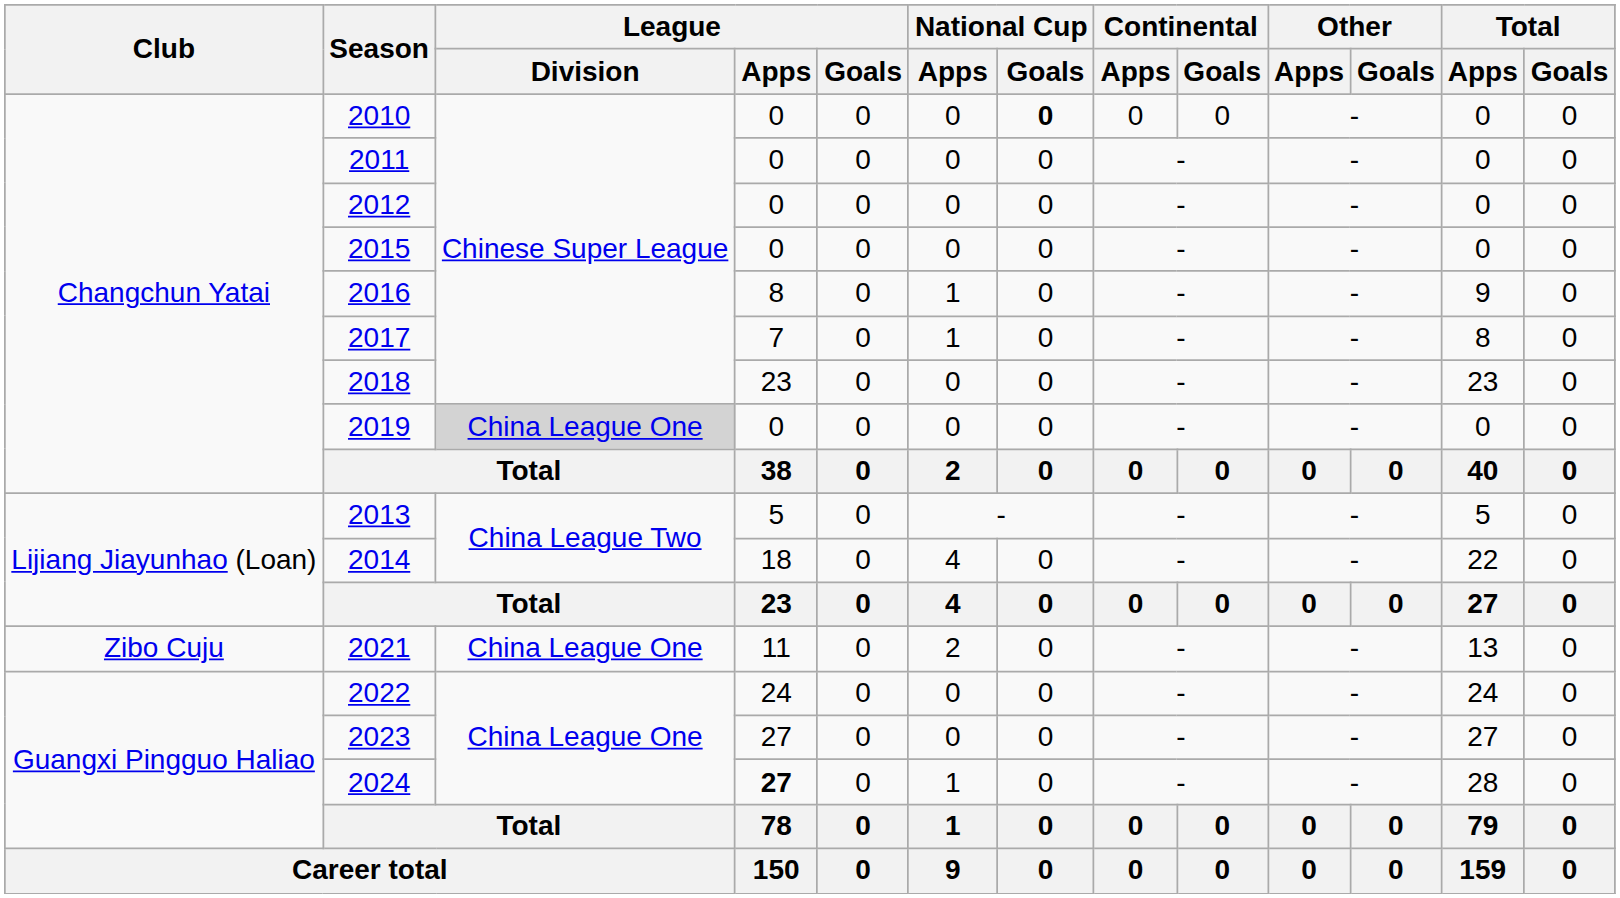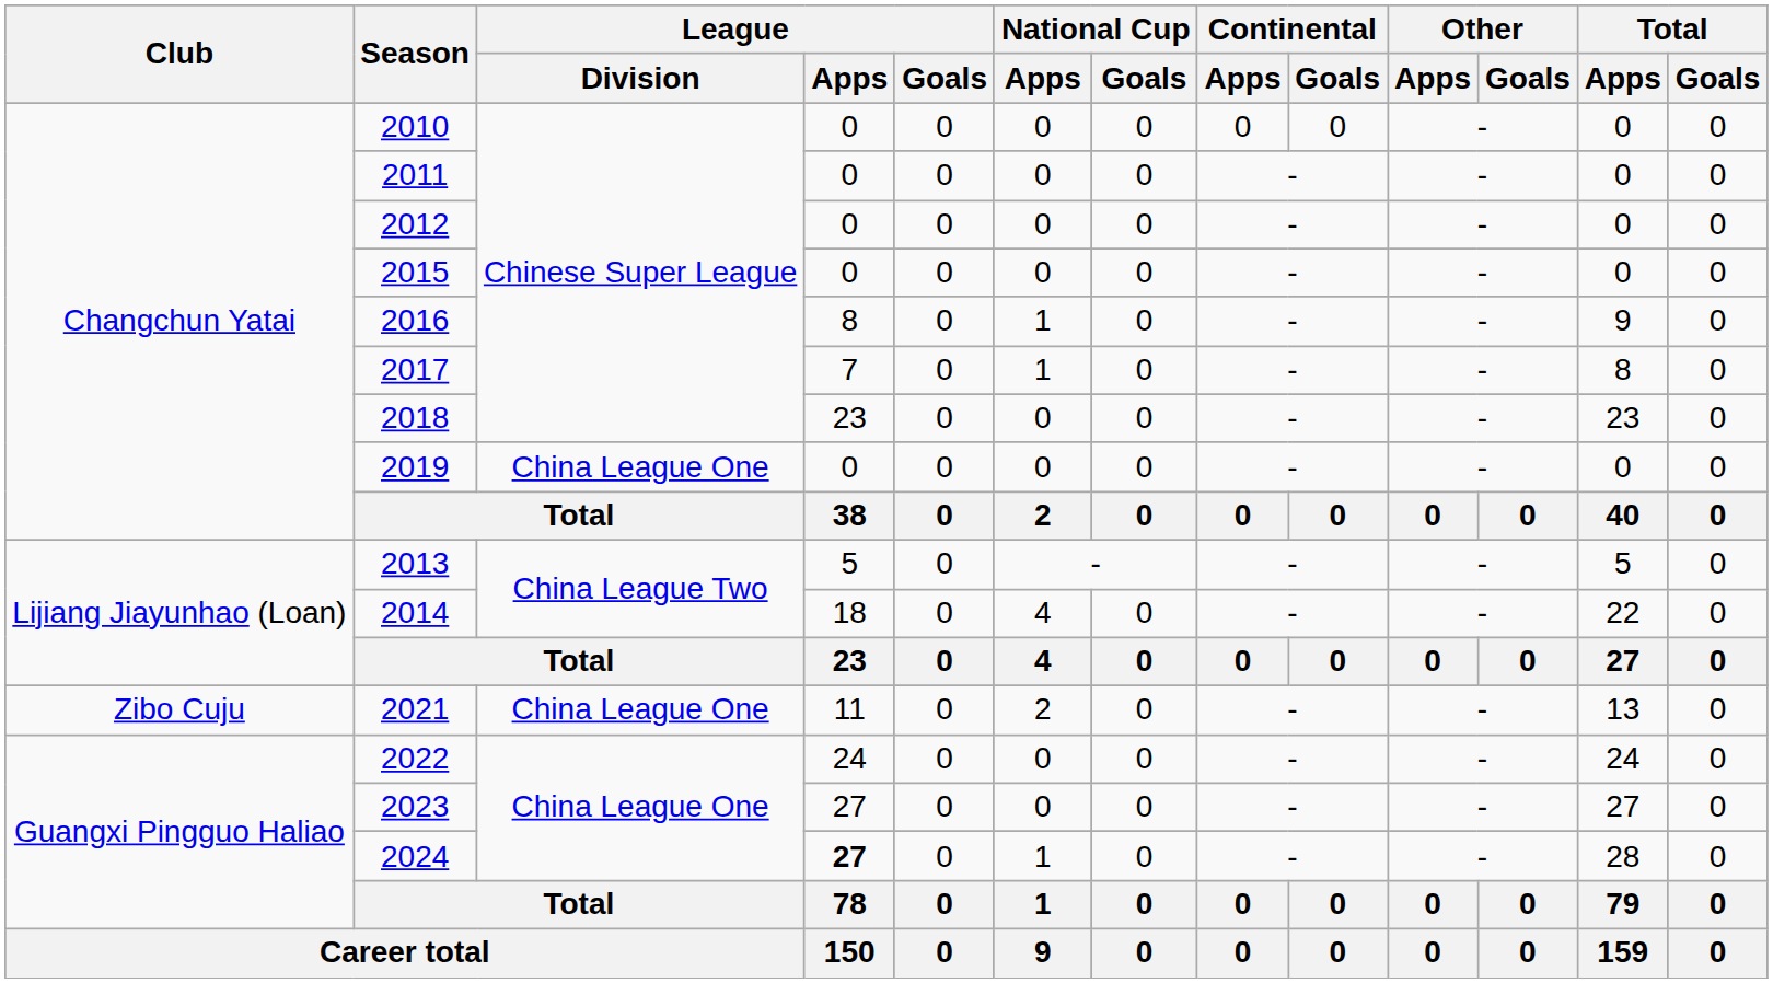 <table class="wikitable" style="text-align: center">
 <tr>
 <th rowspan="2">Club</th>
 <th rowspan="2">Season</th>
 <th colspan="3">League</th>
 <th colspan="2">National Cup</th>
 <th colspan="2">Continental</th>
 <th colspan="2">Other</th>
 <th colspan="2">Total</th>
 </tr>
 <tr>
 <th>Division</th>
 <th>Apps</th>
 <th>Goals</th>
 <th>Apps</th>
 <th>Goals</th>
 <th>Apps</th>
 <th>Goals</th>
 <th>Apps</th>
 <th>Goals</th>
 <th>Apps</th>
 <th>Goals</th>
 </tr>
 <tr>
 <td rowspan=9><a href='#'>Changchun Yatai</a></td>
 <td><a href='#'>2010</a></td>
 <td rowspan=7><a href='#'>Chinese Super League</a></td>
 <td>0</td>
 <td>0</td>
 <td>0</td>
-<td><strong>0</strong></td>
+<td>0</td>
 <td>0</td>
 <td>0</td>
 <td colspan="2">-</td>
 <td>0</td>
 <td>0</td>
 </tr>
 <tr>
 <td><a href='#'>2011</a></td>
 <td>0</td>
 <td>0</td>
 <td>0</td>
 <td>0</td>
 <td colspan="2">-</td>
 <td colspan="2">-</td>
 <td>0</td>
 <td>0</td>
 </tr>
 <tr>
 <td><a href='#'>2012</a></td>
 <td>0</td>
 <td>0</td>
 <td>0</td>
 <td>0</td>
 <td colspan="2">-</td>
 <td colspan="2">-</td>
 <td>0</td>
 <td>0</td>
 </tr>
 <tr>
 <td><a href='#'>2015</a></td>
 <td>0</td>
 <td>0</td>
 <td>0</td>
 <td>0</td>
 <td colspan="2">-</td>
 <td colspan="2">-</td>
 <td>0</td>
 <td>0</td>
 </tr>
 <tr>
 <td><a href='#'>2016</a></td>
 <td>8</td>
 <td>0</td>
 <td>1</td>
 <td>0</td>
 <td colspan="2">-</td>
 <td colspan="2">-</td>
 <td>9</td>
 <td>0</td>
 </tr>
 <tr>
 <td><a href='#'>2017</a></td>
 <td>7</td>
 <td>0</td>
 <td>1</td>
 <td>0</td>
 <td colspan="2">-</td>
 <td colspan="2">-</td>
 <td>8</td>
 <td>0</td>
 </tr>
 <tr>
 <td><a href='#'>2018</a></td>
 <td>23</td>
 <td>0</td>
 <td>0</td>
 <td>0</td>
 <td colspan="2">-</td>
 <td colspan="2">-</td>
 <td>23</td>
 <td>0</td>
 </tr>
 <tr>
 <td><a href='#'>2019</a></td>
-<td style="background: lightgrey;"><a href='#'>China League One</a></td>
+<td><a href='#'>China League One</a></td>
 <td>0</td>
 <td>0</td>
 <td>0</td>
 <td>0</td>
 <td colspan="2">-</td>
 <td colspan="2">-</td>
 <td>0</td>
 <td>0</td>
 </tr>
 <tr>
 <th colspan="2">Total</th>
 <th>38</th>
 <th>0</th>
 <th>2</th>
 <th>0</th>
 <th>0</th>
 <th>0</th>
 <th>0</th>
 <th>0</th>
 <th>40</th>
 <th>0</th>
 </tr>
 <tr>
 <td rowspan=3><a href='#'>Lijiang Jiayunhao</a> (Loan)</td>
 <td><a href='#'>2013</a></td>
 <td rowspan="2"><a href='#'>China League Two</a></td>
 <td>5</td>
 <td>0</td>
 <td colspan="2">-</td>
 <td colspan="2">-</td>
 <td colspan="2">-</td>
 <td>5</td>
 <td>0</td>
 </tr>
 <tr>
 <td><a href='#'>2014</a></td>
 <td>18</td>
 <td>0</td>
 <td>4</td>
 <td>0</td>
 <td colspan="2">-</td>
 <td colspan="2">-</td>
 <td>22</td>
 <td>0</td>
 </tr>
 <tr>
 <th colspan="2">Total</th>
 <th>23</th>
 <th>0</th>
 <th>4</th>
 <th>0</th>
 <th>0</th>
 <th>0</th>
 <th>0</th>
 <th>0</th>
 <th>27</th>
 <th>0</th>
 </tr>
 <tr>
 <td><a href='#'>Zibo Cuju</a></td>
 <td><a href='#'>2021</a></td>
 <td><a href='#'>China League One</a></td>
 <td>11</td>
 <td>0</td>
 <td>2</td>
 <td>0</td>
 <td colspan="2">-</td>
 <td colspan="2">-</td>
 <td>13</td>
 <td>0</td>
 </tr>
 <tr>
 <td rowspan=4><a href='#'>Guangxi Pingguo Haliao</a></td>
 <td><a href='#'>2022</a></td>
 <td rowspan=3><a href='#'>China League One</a></td>
 <td>24</td>
 <td>0</td>
 <td>0</td>
 <td>0</td>
 <td colspan="2">-</td>
 <td colspan="2">-</td>
 <td>24</td>
 <td>0</td>
 </tr>
 <tr>
 <td><a href='#'>2023</a></td>
 <td>27</td>
 <td>0</td>
 <td>0</td>
 <td>0</td>
 <td colspan="2">-</td>
 <td colspan="2">-</td>
 <td>27</td>
 <td>0</td>
 </tr>
 <tr>
 <td><a href='#'>2024</a></td>
 <td><strong>27</strong></td>
 <td>0</td>
 <td>1</td>
 <td>0</td>
 <td colspan="2">-</td>
 <td colspan="2">-</td>
 <td>28</td>
 <td>0</td>
 </tr>
 <tr>
 <th colspan="2">Total</th>
 <th>78</th>
 <th>0</th>
 <th>1</th>
 <th>0</th>
 <th>0</th>
 <th>0</th>
 <th>0</th>
 <th>0</th>
 <th>79</th>
 <th>0</th>
 </tr>
 <tr>
 <th colspan=3>Career total</th>
 <th>150</th>
 <th>0</th>
 <th>9</th>
 <th>0</th>
 <th>0</th>
 <th>0</th>
 <th>0</th>
 <th>0</th>
 <th>159</th>
 <th>0</th>
 </tr>
 </table>
